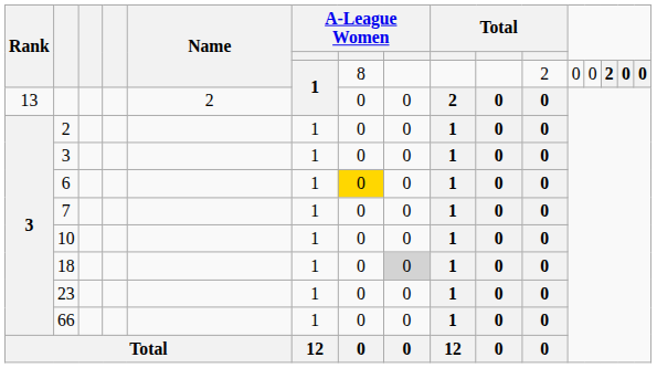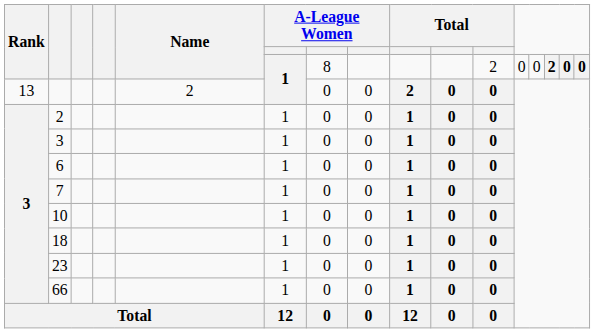 <table class="wikitable sortable" style="text-align:center;">
 <tr>
 <th rowspan="3" width="15">Rank</th>
 <th rowspan="3" width="15"></th>
 <th rowspan="3" width="15"></th>
 <th rowspan="3" width="15"></th>
 <th rowspan="3" width="145">Name</th>
 <th colspan="3" width="120"><a href='#'>A-League Women</a></th>
 <th colspan="3" width="120">Total</th>
 </tr>
 <tr>
 <th style="width:30px"></th>
 <th style="width:30px"></th>
 <th style="width:30px"></th>
 <th style="width:30px"></th>
 <th style="width:30px"></th>
 <th style="width:30px"></th>
 </tr>
 <tr>
 <th rowspan="2">1</th>
 <td>8</td>
 <td></td>
 <td></td>
 <td align="left"><br></td>
 <td>2</td>
 <td>0</td>
 <td>0<br></td>
 <th>2</th>
 <th>0</th>
 <th>0</th>
 </tr>
 <tr>
 <td>13</td>
 <td></td>
 <td></td>
 <td align="left"><br></td>
 <td>2</td>
 <td>0</td>
 <td>0<br></td>
 <th>2</th>
 <th>0</th>
 <th>0</th>
 </tr>
 <tr>
 <th rowspan="8">3</th>
 <td>2</td>
 <td></td>
 <td></td>
 <td align="left"><br></td>
 <td>1</td>
 <td>0</td>
 <td>0<br></td>
 <th>1</th>
 <th>0</th>
 <th>0</th>
 </tr>
 <tr>
 <td>3</td>
 <td></td>
 <td></td>
 <td align="left"><br></td>
 <td>1</td>
 <td>0</td>
 <td>0<br></td>
 <th>1</th>
 <th>0</th>
 <th>0</th>
 </tr>
 <tr>
 <td>6</td>
 <td></td>
 <td></td>
 <td align="left"><br></td>
 <td>1</td>
-<td style="background: gold;">0</td>
+<td>0</td>
 <td>0<br></td>
 <th>1</th>
 <th>0</th>
 <th>0</th>
 </tr>
 <tr>
 <td>7</td>
 <td></td>
 <td></td>
 <td align="left"><br></td>
 <td>1</td>
 <td>0</td>
 <td>0<br></td>
 <th>1</th>
 <th>0</th>
 <th>0</th>
 </tr>
 <tr>
 <td>10</td>
 <td></td>
 <td></td>
 <td align="left"><br></td>
 <td>1</td>
 <td>0</td>
 <td>0<br></td>
 <th>1</th>
 <th>0</th>
 <th>0</th>
 </tr>
 <tr>
 <td>18</td>
 <td></td>
 <td></td>
 <td align="left"><br></td>
 <td>1</td>
 <td>0</td>
-<td style="background: lightgrey;">0<br></td>
+<td>0<br></td>
 <th>1</th>
 <th>0</th>
 <th>0</th>
 </tr>
 <tr>
 <td>23</td>
 <td></td>
 <td></td>
 <td align="left"><br></td>
 <td>1</td>
 <td>0</td>
 <td>0<br></td>
 <th>1</th>
 <th>0</th>
 <th>0</th>
 </tr>
 <tr>
 <td>66</td>
 <td></td>
 <td></td>
 <td align="left"><br></td>
 <td>1</td>
 <td>0</td>
 <td>0<br></td>
 <th>1</th>
 <th>0</th>
 <th>0</th>
 </tr>
 <tr>
 <th colspan="5">Total<br></th>
 <th>12</th>
 <th>0</th>
 <th>0<br></th>
 <th>12</th>
 <th>0</th>
 <th>0</th>
 </tr>
 </table>
